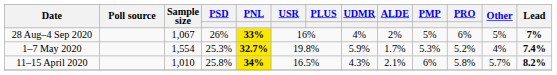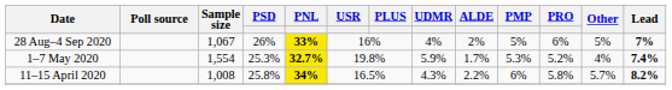 <table class="wikitable sortable" style="text-align:center;font-size:95%;line-height:14px;">
 <tr style="background:lightgrey;">
 <th rowspan="2" style="width:135px;">Date</th>
 <th style="width:90px;" rowspan = "2">Poll source</th>
 <th style="width:45px;" class="unsortable" rowspan="2">Sample size</th>
 <th style="width:45px;" class="unsortable"><a href='#'>PSD</a></th>
 <th style="width:45px;" class="unsortable"><a href='#'>PNL</a></th>
 <th style="width:45px;" class="unsortable"><a href='#'>USR</a></th>
 <th style="width:45px;" class="unsortable"><a href='#'>PLUS</a></th>
 <th style="width:45px;" class="unsortable"><a href='#'>UDMR</a></th>
 <th style="width:45px;" class="unsortable"><a href='#'>ALDE</a></th>
 <th style="width:45px;" class="unsortable"><a href='#'>PMP</a></th>
 <th style="width:45px;" class="unsortable"><a href='#'>PRO</a></th>
 <th style="width:45px;" rowspan="2" class="unsortable"><a href='#'>Other</a></th>
 <th style="width:45px;" rowspan="2" class="unsortable">Lead</th>
 </tr>
 <tr>
 <th style="background:"></th>
 <th style="background:"></th>
 <th style="background:"></th>
 <th style="background:"></th>
 <th style="background:"></th>
 <th style="background:"></th>
 <th style="background:"></th>
 <th style="background:"></th>
 </tr>
 <tr>
 <td>28 Aug–4 Sep 2020</td>
 <td></td>
 <td>1,067</td>
 <td>26%</td>
 <td style="background:#FAE800"><strong>33%</strong></td>
 <td colspan= 2>16%</td>
 <td>4%</td>
 <td>2%</td>
 <td>5%</td>
 <td>6%</td>
 <td>5%</td>
 <td style="background:"><strong>7%</strong></td>
 </tr>
 <tr>
 <td>1–7 May 2020</td>
 <td></td>
 <td>1,554</td>
 <td>25.3%</td>
 <td style="background:#FAE800"><strong>32.7%</strong></td>
 <td colspan= 2>19.8%</td>
 <td>5.9%</td>
 <td>1.7%</td>
 <td>5.3%</td>
 <td>5.2%</td>
 <td>4%</td>
 <td style="background:"><strong>7.4%</strong></td>
 </tr>
 <tr>
 <td>11–15 April 2020</td>
 <td></td>
-<td>1,010</td>
+<td>1,008</td>
 <td>25.8%</td>
 <td style="background:#FAE800"><strong>34%</strong></td>
 <td colspan= 2>16.5%</td>
 <td>4.3%</td>
-<td>2.1%</td>
+<td>2.2%</td>
 <td>6%</td>
 <td>5.8%</td>
 <td>5.7%</td>
 <td style="background:"><strong>8.2%</strong></td>
 </tr>
 <tr>
 </tr>
 </table>
